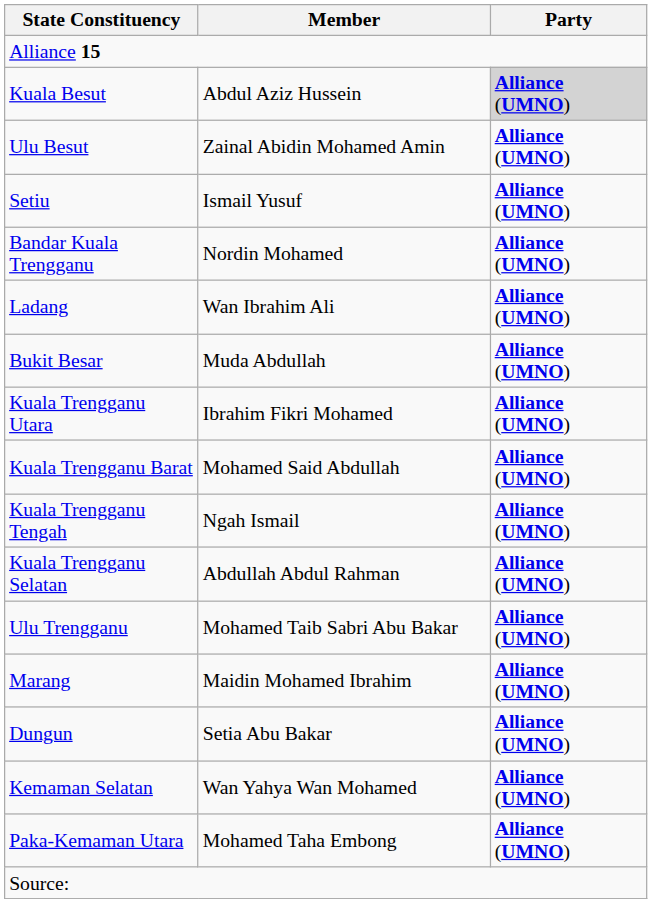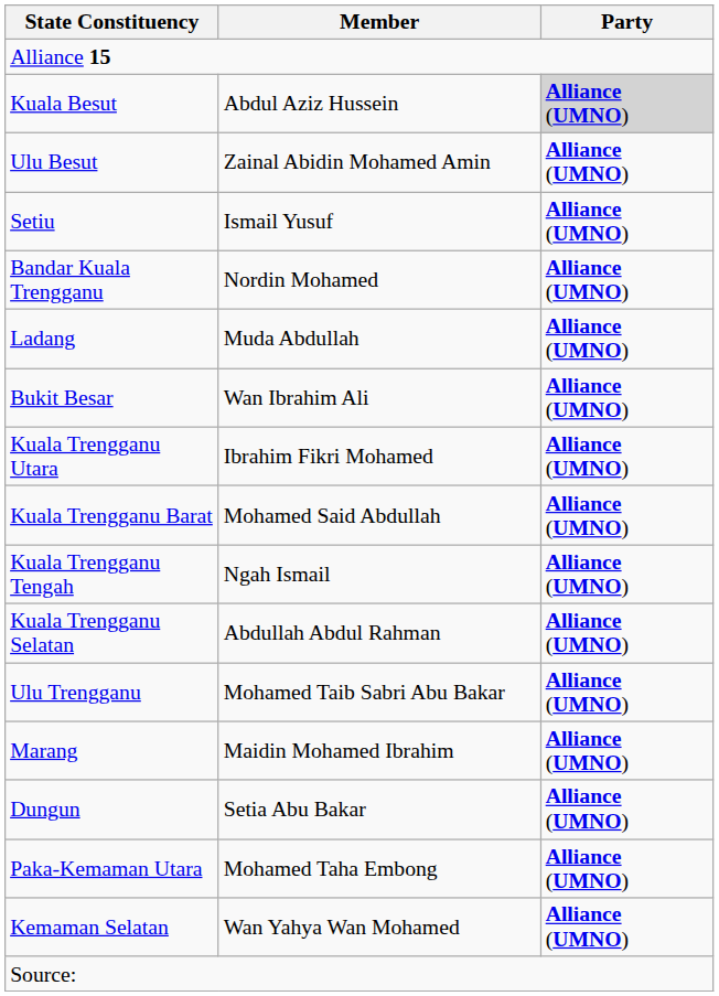 <table class="wikitable sortable">
 <tr>
 <th style="width:150px;">State Constituency</th>
 <th style="width:230px;">Member</th>
 <th style="width:120px;">Party</th>
 </tr>
 <tr>
 <td colspan="3"><a href='#'>Alliance</a> <strong>15</strong></td>
 </tr>
 <tr>
 <td><a href='#'>Kuala Besut</a></td>
 <td>Abdul Aziz Hussein</td>
 <td style="background: lightgrey;"><strong><a href='#'>Alliance</a></strong> (<strong><a href='#'>UMNO</a></strong>)</td>
 </tr>
 <tr>
 <td><a href='#'>Ulu Besut</a></td>
 <td>Zainal Abidin Mohamed Amin</td>
 <td><strong><a href='#'>Alliance</a></strong> (<strong><a href='#'>UMNO</a></strong>)</td>
 </tr>
 <tr>
 <td><a href='#'>Setiu</a></td>
 <td>Ismail Yusuf</td>
 <td><strong><a href='#'>Alliance</a></strong> (<strong><a href='#'>UMNO</a></strong>)</td>
 </tr>
 <tr>
 <td><a href='#'>Bandar Kuala Trengganu</a></td>
 <td>Nordin Mohamed</td>
 <td><strong><a href='#'>Alliance</a></strong> (<strong><a href='#'>UMNO</a></strong>)</td>
 </tr>
 <tr>
 <td><a href='#'>Ladang</a></td>
-<td>Wan Ibrahim Ali</td>
+<td>Muda Abdullah</td>
 <td><strong><a href='#'>Alliance</a></strong> (<strong><a href='#'>UMNO</a></strong>)</td>
 </tr>
 <tr>
 <td><a href='#'>Bukit Besar</a></td>
-<td>Muda Abdullah</td>
+<td>Wan Ibrahim Ali</td>
 <td><strong><a href='#'>Alliance</a></strong> (<strong><a href='#'>UMNO</a></strong>)</td>
 </tr>
 <tr>
 <td><a href='#'>Kuala Trengganu Utara</a></td>
 <td>Ibrahim Fikri Mohamed</td>
 <td><strong><a href='#'>Alliance</a></strong> (<strong><a href='#'>UMNO</a></strong>)</td>
 </tr>
 <tr>
 <td><a href='#'>Kuala Trengganu Barat</a></td>
 <td>Mohamed Said Abdullah</td>
 <td><strong><a href='#'>Alliance</a></strong> (<strong><a href='#'>UMNO</a></strong>)</td>
 </tr>
 <tr>
 <td><a href='#'>Kuala Trengganu Tengah</a></td>
 <td>Ngah Ismail</td>
 <td><strong><a href='#'>Alliance</a></strong> (<strong><a href='#'>UMNO</a></strong>)</td>
 </tr>
 <tr>
 <td><a href='#'>Kuala Trengganu Selatan</a></td>
 <td>Abdullah Abdul Rahman</td>
 <td><strong><a href='#'>Alliance</a></strong> (<strong><a href='#'>UMNO</a></strong>)</td>
 </tr>
 <tr>
 <td><a href='#'>Ulu Trengganu</a></td>
 <td>Mohamed Taib Sabri Abu Bakar</td>
 <td><strong><a href='#'>Alliance</a></strong> (<strong><a href='#'>UMNO</a></strong>)</td>
 </tr>
 <tr>
 <td><a href='#'>Marang</a></td>
 <td>Maidin Mohamed Ibrahim</td>
 <td><strong><a href='#'>Alliance</a></strong> (<strong><a href='#'>UMNO</a></strong>)</td>
 </tr>
 <tr>
 <td><a href='#'>Dungun</a></td>
 <td>Setia Abu Bakar</td>
 <td><strong><a href='#'>Alliance</a></strong> (<strong><a href='#'>UMNO</a></strong>)</td>
 </tr>
 <tr>
-<td><a href='#'>Kemaman Selatan</a></td>
-<td>Wan Yahya Wan Mohamed</td>
+<td><a href='#'>Paka-Kemaman Utara</a></td>
+<td>Mohamed Taha Embong</td>
 <td><strong><a href='#'>Alliance</a></strong> (<strong><a href='#'>UMNO</a></strong>)</td>
 </tr>
 <tr>
-<td><a href='#'>Paka-Kemaman Utara</a></td>
-<td>Mohamed Taha Embong</td>
+<td><a href='#'>Kemaman Selatan</a></td>
+<td>Wan Yahya Wan Mohamed</td>
 <td><strong><a href='#'>Alliance</a></strong> (<strong><a href='#'>UMNO</a></strong>)</td>
 </tr>
 <tr>
 <td colspan="3">Source:</td>
 </tr>
 <tr>
 </tr>
 </table>
